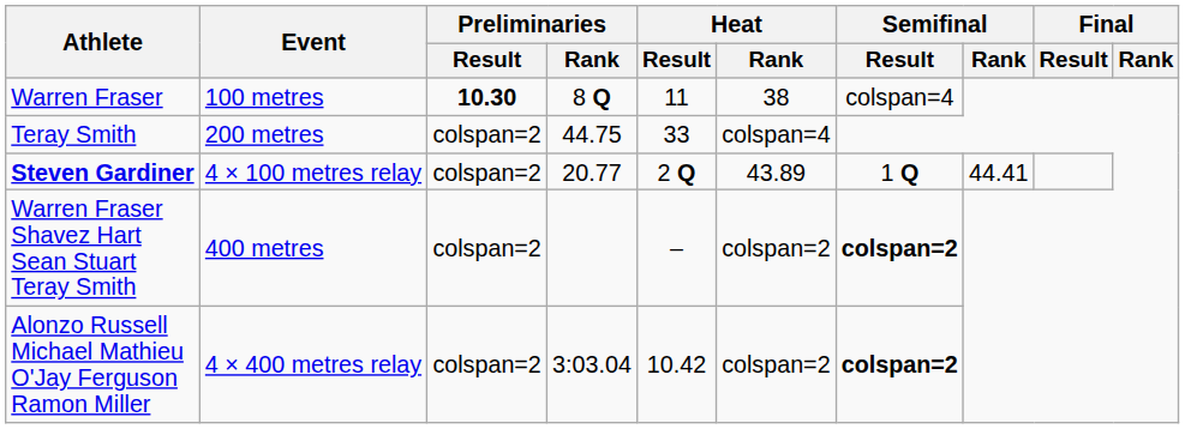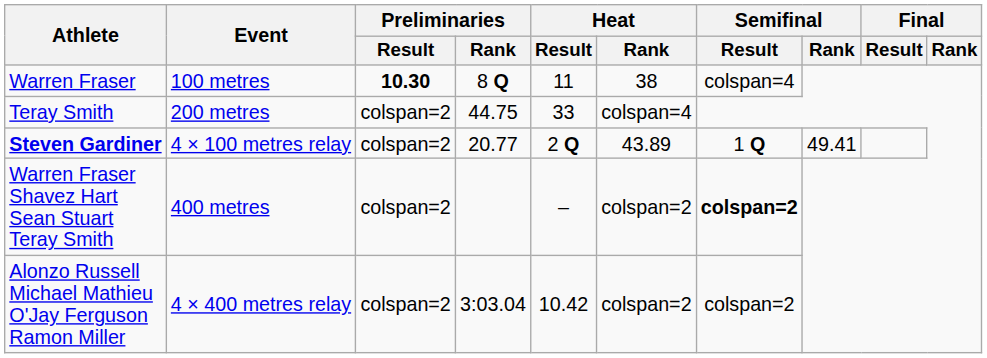 <table class=wikitable style=font-size:90%>
 <tr>
 <th rowspan=2>Athlete</th>
 <th rowspan=2>Event</th>
 <th colspan=2>Preliminaries</th>
 <th colspan=2>Heat</th>
 <th colspan=2>Semifinal</th>
 <th colspan=2>Final</th>
 </tr>
 <tr style=font-size:95%>
 <th>Result</th>
 <th>Rank</th>
 <th>Result</th>
 <th>Rank</th>
 <th>Result</th>
 <th>Rank</th>
 <th>Result</th>
 <th>Rank</th>
 </tr>
 <tr align=center>
 <td align=left><a href='#'>Warren Fraser</a></td>
 <td align=left><a href='#'>100 metres</a></td>
 <td><strong>10.30</strong></td>
 <td>8 <strong>Q</strong></td>
 <td>11</td>
 <td>38</td>
 <td>colspan=4 </td>
 </tr>
 <tr align=center>
 <td align=left><a href='#'>Teray Smith</a></td>
 <td align=left><a href='#'>200 metres</a></td>
 <td>colspan=2 </td>
 <td>44.75</td>
 <td>33</td>
 <td>colspan=4 </td>
 </tr>
 <tr align=center>
 <td align=left><strong><a href='#'>Steven Gardiner</a></strong></td>
 <td align=left><a href='#'>4 × 100 metres relay</a></td>
 <td>colspan=2 </td>
 <td>20.77</td>
 <td>2 <strong>Q</strong></td>
 <td>43.89 <strong></strong></td>
 <td>1 <strong>Q</strong></td>
-<td>44.41</td>
+<td>49.41</td>
 <td></td>
 </tr>
 <tr align=center>
 <td align=left><a href='#'>Warren Fraser</a><br><a href='#'>Shavez Hart</a><br><a href='#'>Sean Stuart</a><br><a href='#'>Teray Smith</a></td>
 <td align=left><a href='#'>400 metres</a></td>
 <td>colspan=2 </td>
 <td></td>
 <td>–</td>
 <td>colspan=2 </td>
 <td><strong>colspan=2 </strong></td>
 </tr>
 <tr align=center>
 <td align=left><a href='#'>Alonzo Russell</a><br><a href='#'>Michael Mathieu</a><br><a href='#'>O'Jay Ferguson</a><br><a href='#'>Ramon Miller</a></td>
 <td align=left><a href='#'>4 × 400 metres relay</a></td>
 <td>colspan=2 </td>
 <td>3:03.04 <strong></strong></td>
 <td>10.42</td>
 <td>colspan=2 </td>
-<td><strong>colspan=2 </strong></td>
+<td>colspan=2 </td>
 </tr>
 </table>
